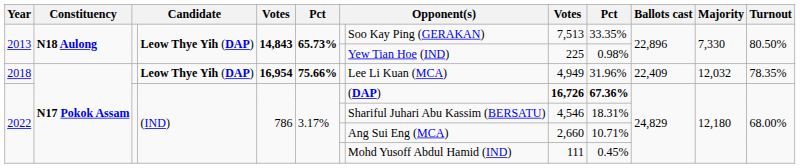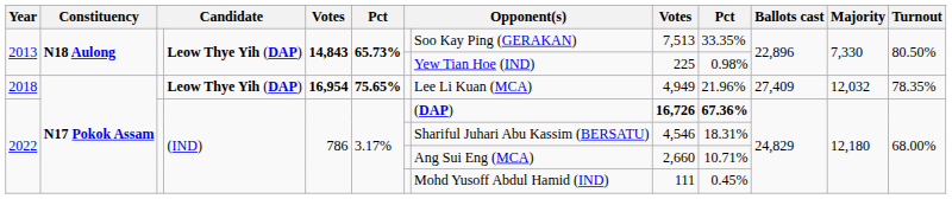 <table class="wikitable" style="margin:0.5em ; font-size:95%">
 <tr>
 <th>Year</th>
 <th>Constituency</th>
 <th colspan=2>Candidate</th>
 <th>Votes</th>
 <th>Pct</th>
 <th colspan=2>Opponent(s)</th>
 <th>Votes</th>
 <th>Pct</th>
 <th>Ballots cast</th>
 <th>Majority</th>
 <th>Turnout</th>
 </tr>
 <tr>
 <td rowspan="2"><a href='#'>2013</a></td>
 <td rowspan="2"><strong>N18 <a href='#'>Aulong</a></strong></td>
 <td rowspan="2" ></td>
 <td rowspan="2"><strong>Leow Thye Yih</strong> (<a href='#'><strong>DAP</strong></a>)</td>
 <td rowspan="2" style="text-align:right;"><strong>14,843</strong></td>
 <td rowspan="2"><strong>65.73%</strong></td>
 <td></td>
 <td>Soo Kay Ping (<a href='#'>GERAKAN</a>)</td>
 <td style="text-align:right;">7,513</td>
 <td>33.35%</td>
 <td rowspan="2">22,896</td>
 <td rowspan="2">7,330</td>
 <td rowspan="2">80.50%</td>
 </tr>
 <tr>
 <td></td>
 <td><a href='#'>Yew Tian Hoe</a> (<a href='#'>IND</a>)</td>
 <td style="text-align:right;">225</td>
 <td style="text-align:right;">0.98%</td>
 </tr>
 <tr>
 <td><a href='#'>2018</a></td>
 <td rowspan=5><strong>N17 <a href='#'>Pokok Assam</a></strong></td>
 <td></td>
 <td><strong>Leow Thye Yih</strong> (<a href='#'><strong>DAP</strong></a>)</td>
 <td style="text-align:right;"><strong>16,954</strong></td>
-<td><strong>75.66%</strong></td>
+<td><strong>75.65%</strong></td>
 <td></td>
 <td>Lee Li Kuan (<a href='#'>MCA</a>)</td>
 <td style="text-align:right;">4,949</td>
-<td>31.96%</td>
-<td>22,409</td>
+<td>21.96%</td>
+<td>27,409</td>
 <td>12,032</td>
 <td>78.35%</td>
 </tr>
 <tr>
 <td rowspan=4><a href='#'>2022</a></td>
 <td rowspan=4 ></td>
 <td rowspan=4> (<a href='#'>IND</a>)</td>
 <td rowspan=4 align=right>786</td>
 <td rowspan=4>3.17%</td>
 <td></td>
 <td> (<a href='#'><strong>DAP</strong></a>)</td>
 <td align=right><strong>16,726</strong></td>
 <td align=right><strong>67.36%</strong></td>
 <td rowspan=4>24,829</td>
 <td rowspan=4>12,180</td>
 <td rowspan=4>68.00%</td>
 </tr>
 <tr>
 <td></td>
 <td>Shariful Juhari Abu Kassim (<a href='#'>BERSATU</a>)</td>
 <td align=right>4,546</td>
 <td align=right>18.31%</td>
 </tr>
 <tr>
 <td></td>
 <td>Ang Sui Eng (<a href='#'>MCA</a>)</td>
 <td align=right>2,660</td>
 <td align=right>10.71%</td>
 </tr>
 <tr>
 <td></td>
 <td>Mohd Yusoff Abdul Hamid (<a href='#'>IND</a>)</td>
 <td align=right>111</td>
 <td align=right>0.45%</td>
 </tr>
 </table>
